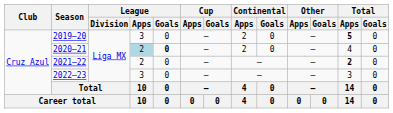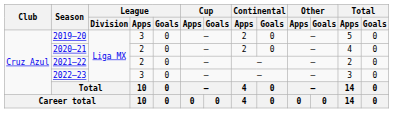 <table class="wikitable" style="text-align: center">
 <tr>
 <th rowspan="2">Club</th>
 <th rowspan="2">Season</th>
 <th colspan="3">League</th>
 <th colspan="2">Cup</th>
 <th colspan="2">Continental</th>
 <th colspan="2">Other</th>
 <th colspan="2">Total</th>
 </tr>
 <tr>
 <th>Division</th>
 <th>Apps</th>
 <th>Goals</th>
 <th>Apps</th>
 <th>Goals</th>
 <th>Apps</th>
 <th>Goals</th>
 <th>Apps</th>
 <th>Goals</th>
 <th>Apps</th>
 <th>Goals</th>
 </tr>
 <tr>
 <td rowspan="5"><a href='#'>Cruz Azul</a></td>
 <td><a href='#'>2019–20</a></td>
 <td rowspan="4"><a href='#'>Liga MX</a></td>
 <td>3</td>
 <td>0</td>
 <td colspan="2">–</td>
 <td>2</td>
 <td>0</td>
 <td colspan="2">–</td>
-<td><strong>5</strong></td>
+<td>5</td>
 <td>0</td>
 </tr>
 <tr>
 <td><a href='#'>2020–21</a></td>
-<td style="background: lightblue;">2</td>
-<td><strong>0</strong></td>
+<td>2</td>
+<td>0</td>
 <td colspan="2">–</td>
 <td>2</td>
 <td>0</td>
 <td colspan="2">–</td>
 <td>4</td>
 <td>0</td>
 </tr>
 <tr>
 <td><a href='#'>2021–22</a></td>
 <td>2</td>
 <td>0</td>
 <td colspan="2">–</td>
 <td colspan="2">–</td>
 <td colspan="2">–</td>
-<td><strong>2</strong></td>
+<td>2</td>
 <td>0</td>
 </tr>
 <tr>
 <td><a href='#'>2022–23</a></td>
 <td>3</td>
 <td>0</td>
 <td colspan="2">–</td>
 <td colspan="2">–</td>
 <td colspan="2">–</td>
 <td>3</td>
 <td>0</td>
 </tr>
 <tr>
 <th colspan="2">Total</th>
 <th>10</th>
 <th>0</th>
 <th colspan="2">–</th>
 <th>4</th>
 <th>0</th>
 <th colspan="2">–</th>
 <th>14</th>
 <th>0</th>
 </tr>
 <tr>
 <th colspan=3>Career total</th>
 <th>10</th>
 <th>0</th>
 <th>0</th>
 <th>0</th>
 <th>4</th>
 <th>0</th>
 <th>0</th>
 <th>0</th>
 <th>14</th>
 <th>0</th>
 </tr>
 </table>
